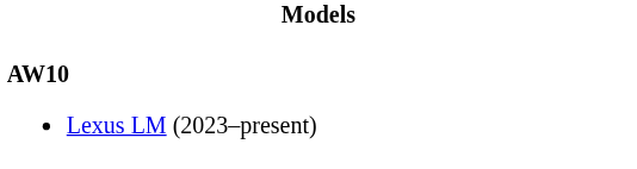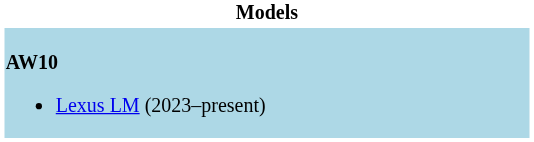 <table>
 <tr>
 <th style="width:50%">Models</th>
 </tr>
 <tr>
-<td style="width:50%"><br><strong>AW10</strong><ul><li><a href='#'>Lexus LM</a> (2023–present)</li></ul></td>
+<td style="background: lightblue; width:50%"><br><strong>AW10</strong><ul><li><a href='#'>Lexus LM</a> (2023–present)</li></ul></td>
 </tr>
 </table>
